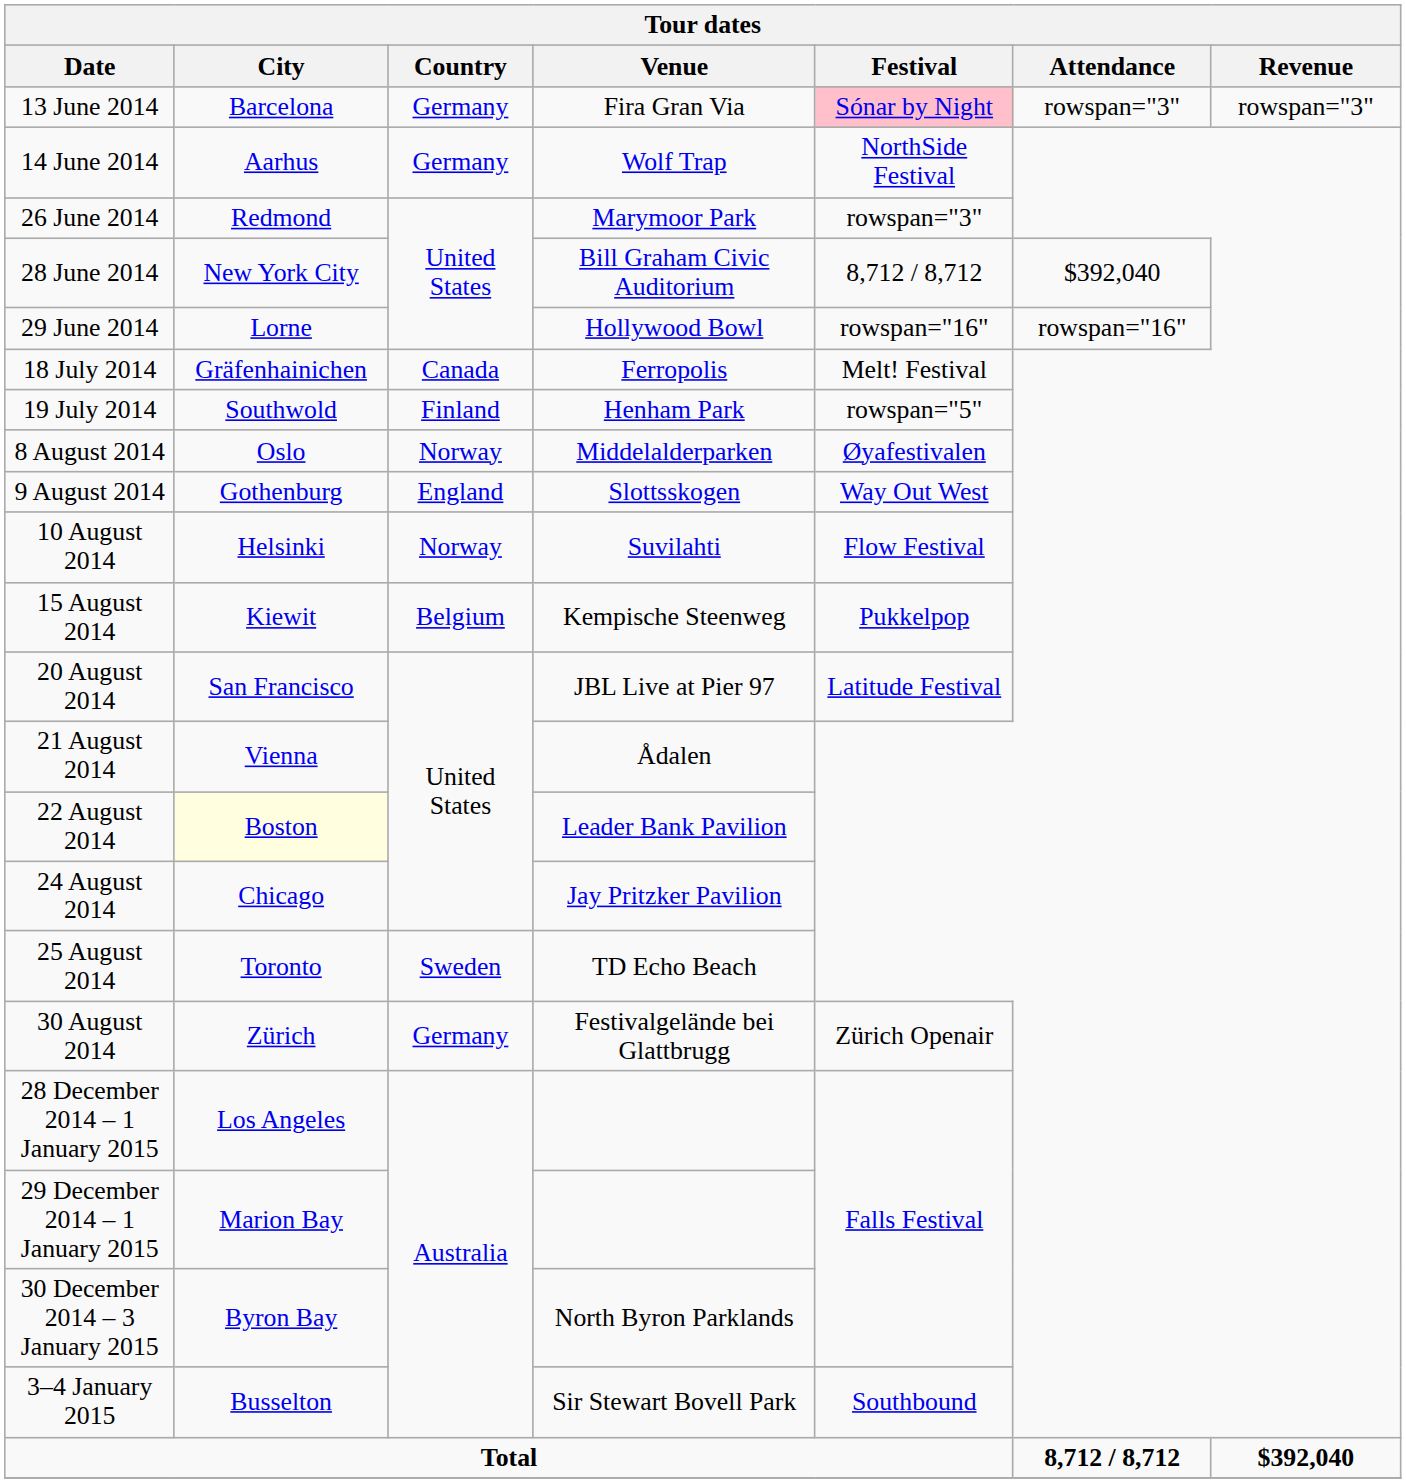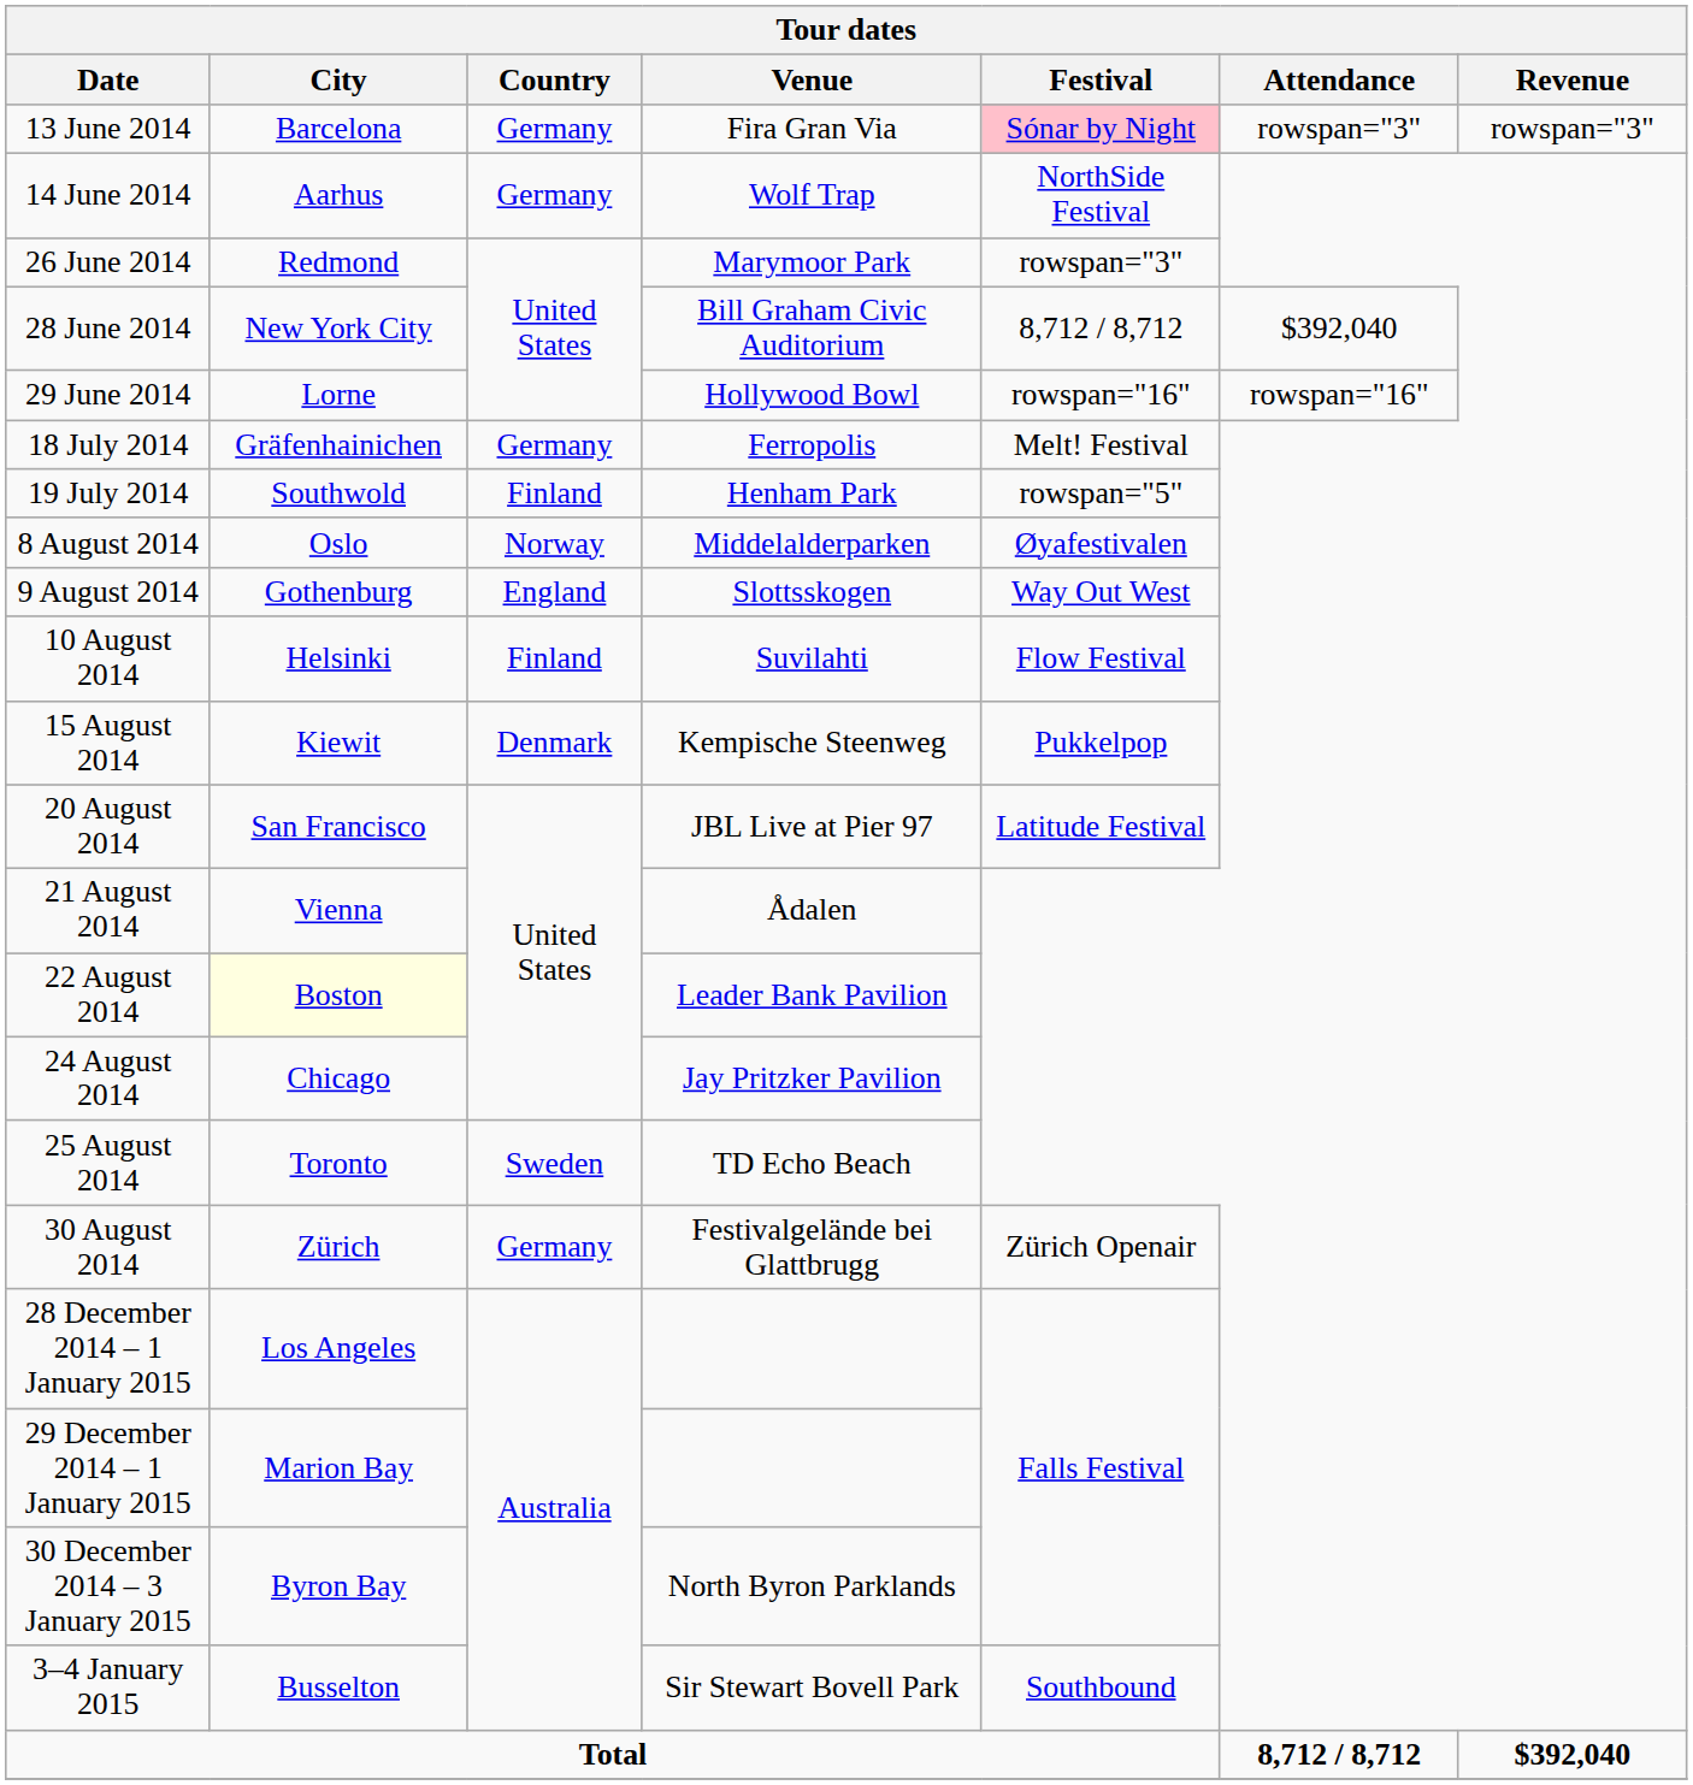 <table class="wikitable collapsible collapsed" style="text-align:center;">
 <tr>
 <th colspan="7">Tour dates</th>
 </tr>
 <tr>
 <th scope="col" style="width:10em;">Date</th>
 <th scope="col" style="width:10em;">City</th>
 <th scope="col" style="width:8em;">Country</th>
 <th scope="col" style="width:16em;">Venue</th>
 <th scope="col" style="width:10em;">Festival</th>
 <th scope="col" style="width:10em;">Attendance</th>
 <th scope="col" style="width:10em;">Revenue</th>
 </tr>
 <tr>
 <td>13 June 2014</td>
 <td><a href='#'>Barcelona</a></td>
 <td><a href='#'>Germany</a></td>
 <td>Fira Gran Via</td>
 <td style="background: pink;"><a href='#'>Sónar by Night</a></td>
 <td>rowspan="3" </td>
 <td>rowspan="3" </td>
 </tr>
 <tr>
 <td>14 June 2014</td>
 <td><a href='#'>Aarhus</a></td>
 <td><a href='#'>Germany</a></td>
 <td><a href='#'>Wolf Trap</a></td>
 <td><a href='#'>NorthSide Festival</a></td>
 </tr>
 <tr>
 <td>26 June 2014</td>
 <td><a href='#'>Redmond</a></td>
 <td rowspan="3"><a href='#'>United States</a></td>
 <td><a href='#'>Marymoor Park</a></td>
 <td>rowspan="3" </td>
 </tr>
 <tr>
 <td>28 June 2014</td>
 <td><a href='#'>New York City</a></td>
 <td><a href='#'>Bill Graham Civic Auditorium</a></td>
 <td>8,712 / 8,712</td>
 <td>$392,040</td>
 </tr>
 <tr>
 <td>29 June 2014</td>
 <td><a href='#'>Lorne</a></td>
 <td><a href='#'>Hollywood Bowl</a></td>
 <td>rowspan="16" </td>
 <td>rowspan="16" </td>
 </tr>
 <tr>
 <td>18 July 2014</td>
 <td><a href='#'>Gräfenhainichen</a></td>
-<td><a href='#'>Canada</a></td>
+<td><a href='#'>Germany</a></td>
 <td><a href='#'>Ferropolis</a></td>
 <td>Melt! Festival</td>
 </tr>
 <tr>
 <td>19 July 2014</td>
 <td><a href='#'>Southwold</a></td>
 <td><a href='#'>Finland</a></td>
 <td><a href='#'>Henham Park</a></td>
 <td>rowspan="5" </td>
 </tr>
 <tr>
 <td>8 August 2014</td>
 <td><a href='#'>Oslo</a></td>
 <td><a href='#'>Norway</a></td>
 <td><a href='#'>Middelalderparken</a></td>
 <td><a href='#'>Øyafestivalen</a></td>
 </tr>
 <tr>
 <td>9 August 2014</td>
 <td><a href='#'>Gothenburg</a></td>
 <td><a href='#'>England</a></td>
 <td><a href='#'>Slottsskogen</a></td>
 <td><a href='#'>Way Out West</a></td>
 </tr>
 <tr>
 <td>10 August 2014</td>
 <td><a href='#'>Helsinki</a></td>
-<td><a href='#'>Norway</a></td>
+<td><a href='#'>Finland</a></td>
 <td><a href='#'>Suvilahti</a></td>
 <td><a href='#'>Flow Festival</a></td>
 </tr>
 <tr>
 <td>15 August 2014</td>
 <td><a href='#'>Kiewit</a></td>
-<td><a href='#'>Belgium</a></td>
+<td><a href='#'>Denmark</a></td>
 <td>Kempische Steenweg</td>
 <td><a href='#'>Pukkelpop</a></td>
 </tr>
 <tr>
 <td>20 August 2014</td>
 <td><a href='#'>San Francisco</a></td>
 <td rowspan="4">United States</td>
 <td>JBL Live at Pier 97</td>
 <td><a href='#'>Latitude Festival</a></td>
 </tr>
 <tr>
 <td>21 August 2014</td>
 <td><a href='#'>Vienna</a></td>
 <td>Ådalen</td>
 </tr>
 <tr>
 <td>22 August 2014</td>
 <td style="background: lightyellow;"><a href='#'>Boston</a></td>
 <td><a href='#'>Leader Bank Pavilion</a></td>
 </tr>
 <tr>
 <td>24 August 2014</td>
 <td><a href='#'>Chicago</a></td>
 <td><a href='#'>Jay Pritzker Pavilion</a></td>
 </tr>
 <tr>
 <td>25 August 2014</td>
 <td><a href='#'>Toronto</a></td>
 <td><a href='#'>Sweden</a></td>
 <td>TD Echo Beach</td>
 </tr>
 <tr>
 <td>30 August 2014</td>
 <td><a href='#'>Zürich</a></td>
 <td><a href='#'>Germany</a></td>
 <td>Festivalgelände bei Glattbrugg</td>
 <td>Zürich Openair</td>
 </tr>
 <tr>
 <td>28 December 2014 – 1 January 2015</td>
 <td><a href='#'>Los Angeles</a></td>
 <td rowspan="4"><a href='#'>Australia</a></td>
 <td></td>
 <td rowspan="3"><a href='#'>Falls Festival</a></td>
 </tr>
 <tr>
 <td>29 December 2014 – 1 January 2015</td>
 <td><a href='#'>Marion Bay</a></td>
 <td></td>
 </tr>
 <tr>
 <td>30 December 2014 – 3 January 2015</td>
 <td><a href='#'>Byron Bay</a></td>
 <td>North Byron Parklands</td>
 </tr>
 <tr>
 <td>3–4 January 2015</td>
 <td><a href='#'>Busselton</a></td>
 <td>Sir Stewart Bovell Park</td>
 <td><a href='#'>Southbound</a></td>
 </tr>
 <tr>
 <td colspan="5"><strong>Total</strong></td>
 <td><strong>8,712 / 8,712</strong></td>
 <td><strong>$392,040</strong></td>
 </tr>
 <tr>
 </tr>
 </table>
